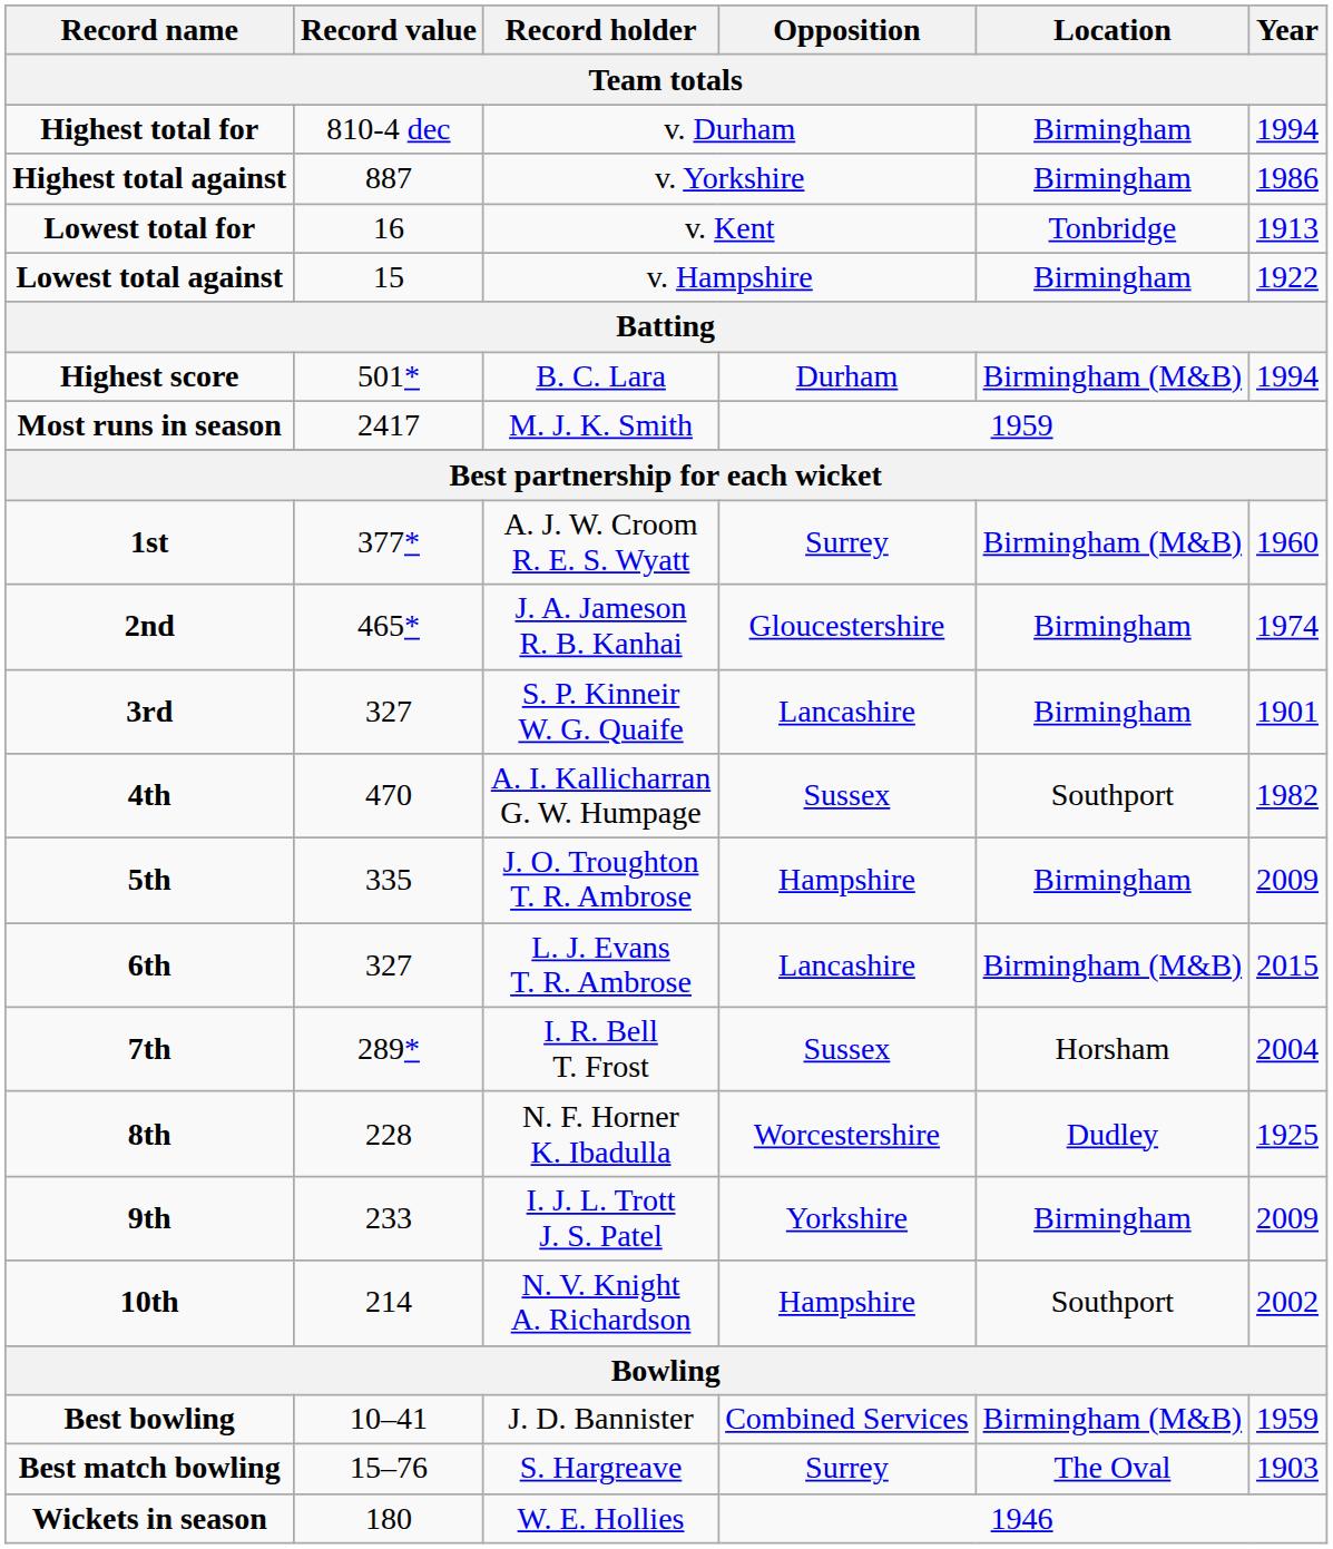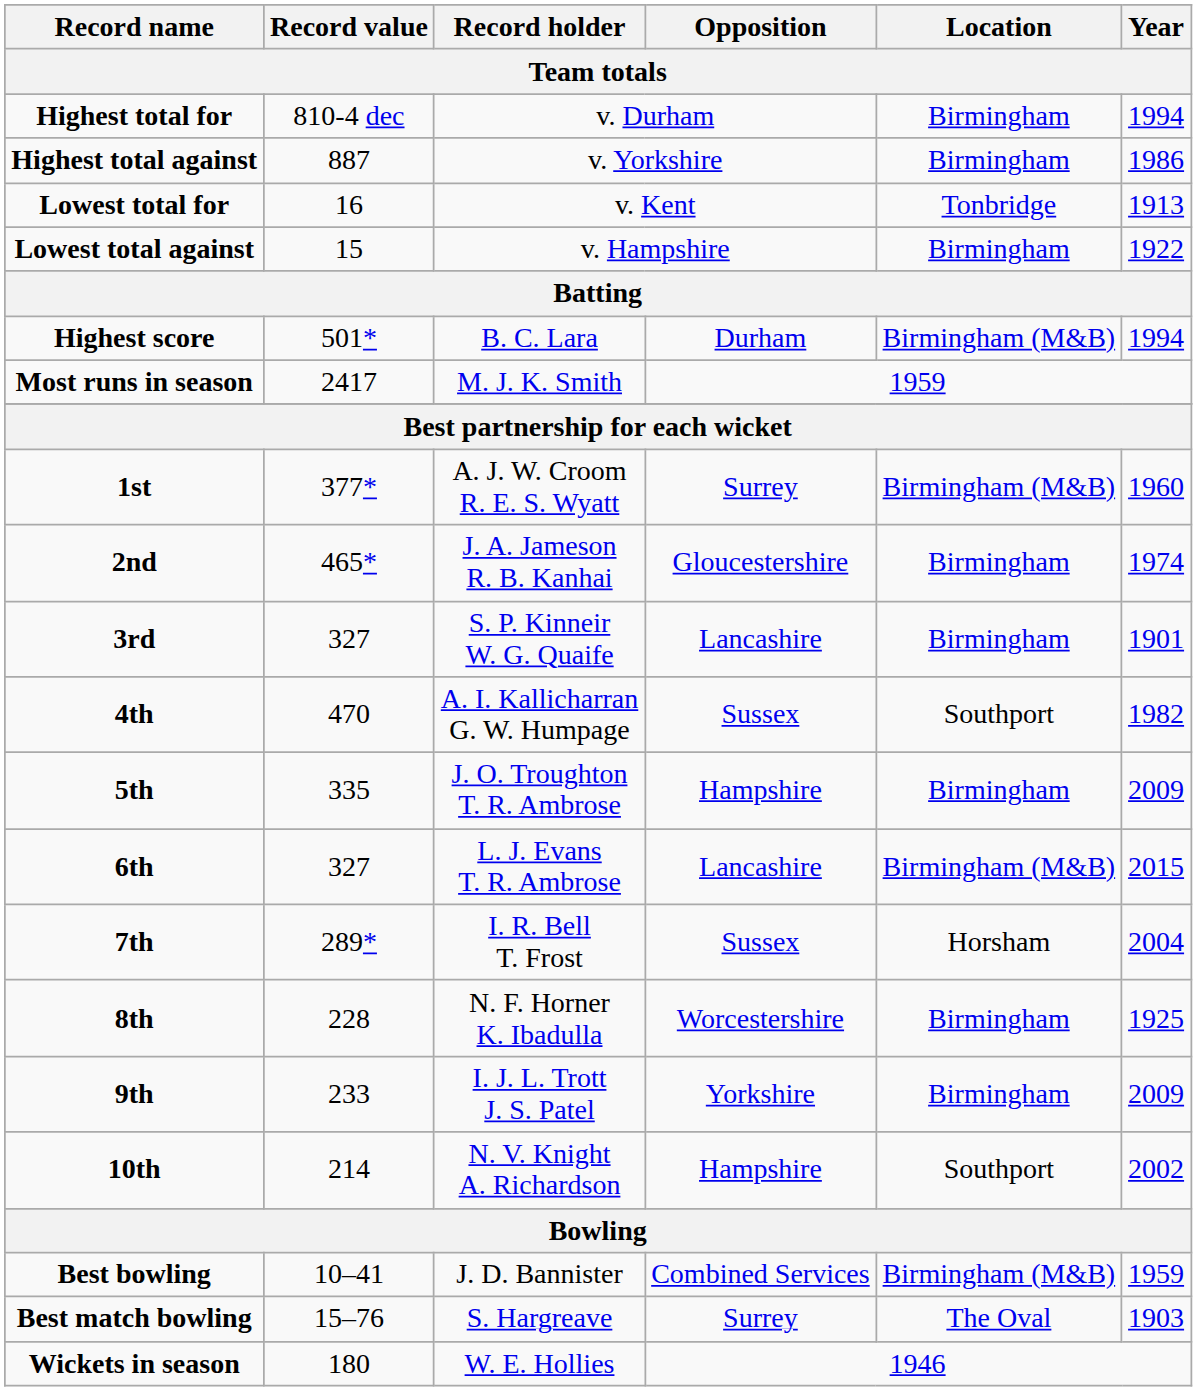 <table class="wikitable" style="align:center;">
 <tr align="center">
 <th>Record name</th>
 <th>Record value</th>
 <th>Record holder</th>
 <th>Opposition</th>
 <th>Location</th>
 <th>Year</th>
 </tr>
 <tr align="center">
 <th colspan=6>Team totals</th>
 </tr>
 <tr align="center">
 <td><strong>Highest total for</strong></td>
 <td>810-4 <a href='#'>dec</a></td>
 <td colspan=2>v. <a href='#'>Durham</a></td>
 <td><a href='#'>Birmingham</a></td>
 <td><a href='#'>1994</a></td>
 </tr>
 <tr align="center">
 <td><strong>Highest total against</strong></td>
 <td>887</td>
 <td colspan=2>v. <a href='#'>Yorkshire</a></td>
 <td><a href='#'>Birmingham</a></td>
 <td><a href='#'>1986</a></td>
 </tr>
 <tr align="center">
 <td><strong>Lowest total for</strong></td>
 <td>16</td>
 <td colspan=2>v. <a href='#'>Kent</a></td>
 <td><a href='#'>Tonbridge</a></td>
 <td><a href='#'>1913</a></td>
 </tr>
 <tr align="center">
 <td><strong>Lowest total against</strong></td>
 <td>15</td>
 <td colspan=2>v. <a href='#'>Hampshire</a></td>
 <td><a href='#'>Birmingham</a></td>
 <td><a href='#'>1922</a></td>
 </tr>
 <tr align="center">
 <th colspan=6>Batting</th>
 </tr>
 <tr align="center">
 <td><strong>Highest score</strong></td>
 <td>501<a href='#'>*</a></td>
 <td><a href='#'>B. C. Lara</a></td>
 <td><a href='#'>Durham</a></td>
 <td><a href='#'>Birmingham (M&B)</a></td>
 <td><a href='#'>1994</a></td>
 </tr>
 <tr align="center">
 <td><strong>Most runs in season</strong></td>
 <td>2417</td>
 <td><a href='#'>M. J. K. Smith</a></td>
 <td colspan=3><a href='#'>1959</a></td>
 </tr>
 <tr align="center">
 </tr>
 <tr>
 <th colspan=6>Best partnership for each wicket</th>
 </tr>
 <tr align="center">
 <td><strong>1st</strong></td>
 <td>377<a href='#'>*</a></td>
 <td>A. J. W. Croom<br><a href='#'>R. E. S. Wyatt</a></td>
 <td><a href='#'>Surrey</a></td>
 <td><a href='#'>Birmingham (M&B)</a></td>
 <td><a href='#'>1960</a></td>
 </tr>
 <tr align="center">
 <td><strong>2nd</strong></td>
 <td>465<a href='#'>*</a></td>
 <td><a href='#'>J. A. Jameson</a><br><a href='#'>R. B. Kanhai</a></td>
 <td><a href='#'>Gloucestershire</a></td>
 <td><a href='#'>Birmingham</a></td>
 <td><a href='#'>1974</a></td>
 </tr>
 <tr align="center">
 <td><strong>3rd</strong></td>
 <td>327</td>
 <td><a href='#'>S. P. Kinneir</a><br><a href='#'>W. G. Quaife</a></td>
 <td><a href='#'>Lancashire</a></td>
 <td><a href='#'>Birmingham</a></td>
 <td><a href='#'>1901</a></td>
 </tr>
 <tr align="center">
 <td><strong>4th</strong></td>
 <td>470</td>
 <td><a href='#'>A. I. Kallicharran</a><br>G. W. Humpage</td>
 <td><a href='#'>Sussex</a></td>
 <td>Southport</td>
 <td><a href='#'>1982</a></td>
 </tr>
 <tr align="center">
 <td><strong>5th</strong></td>
 <td>335</td>
 <td><a href='#'>J. O. Troughton</a><br><a href='#'>T. R. Ambrose</a></td>
 <td><a href='#'>Hampshire</a></td>
 <td><a href='#'>Birmingham</a></td>
 <td><a href='#'>2009</a></td>
 </tr>
 <tr align="center">
 <td><strong>6th</strong></td>
 <td>327</td>
 <td><a href='#'>L. J. Evans</a> <br> <a href='#'>T. R. Ambrose</a></td>
 <td><a href='#'>Lancashire</a></td>
 <td><a href='#'>Birmingham (M&B)</a></td>
 <td><a href='#'>2015</a></td>
 </tr>
 <tr align="center">
 <td><strong>7th</strong></td>
 <td>289<a href='#'>*</a></td>
 <td><a href='#'>I. R. Bell</a><br>T. Frost</td>
 <td><a href='#'>Sussex</a></td>
 <td>Horsham</td>
 <td><a href='#'>2004</a></td>
 </tr>
 <tr align="center">
 <td><strong>8th</strong></td>
 <td>228</td>
 <td>N. F. Horner<br><a href='#'>K. Ibadulla</a></td>
 <td><a href='#'>Worcestershire</a></td>
-<td><a href='#'>Dudley</a></td>
+<td><a href='#'>Birmingham</a></td>
 <td><a href='#'>1925</a></td>
 </tr>
 <tr align="center">
 <td><strong>9th</strong></td>
 <td>233</td>
 <td><a href='#'>I. J. L. Trott</a><br><a href='#'>J. S. Patel</a></td>
 <td><a href='#'>Yorkshire</a></td>
 <td><a href='#'>Birmingham</a></td>
 <td><a href='#'>2009</a></td>
 </tr>
 <tr align="center">
 <td><strong>10th</strong></td>
 <td>214</td>
 <td><a href='#'>N. V. Knight</a><br><a href='#'>A. Richardson</a></td>
 <td><a href='#'>Hampshire</a></td>
 <td>Southport</td>
 <td><a href='#'>2002</a></td>
 </tr>
 <tr>
 <th colspan=6>Bowling</th>
 </tr>
 <tr align="center">
 <td><strong>Best bowling</strong></td>
 <td>10–41</td>
 <td>J. D. Bannister</td>
 <td><a href='#'>Combined Services</a></td>
 <td><a href='#'>Birmingham (M&B)</a></td>
 <td><a href='#'>1959</a></td>
 </tr>
 <tr align="center">
 <td><strong>Best match bowling</strong></td>
 <td>15–76</td>
 <td><a href='#'>S. Hargreave</a></td>
 <td><a href='#'>Surrey</a></td>
 <td><a href='#'>The Oval</a></td>
 <td><a href='#'>1903</a></td>
 </tr>
 <tr align="center">
 <td><strong>Wickets in season</strong></td>
 <td>180</td>
 <td><a href='#'>W. E. Hollies</a></td>
 <td colspan=3><a href='#'>1946</a></td>
 </tr>
 </table>
